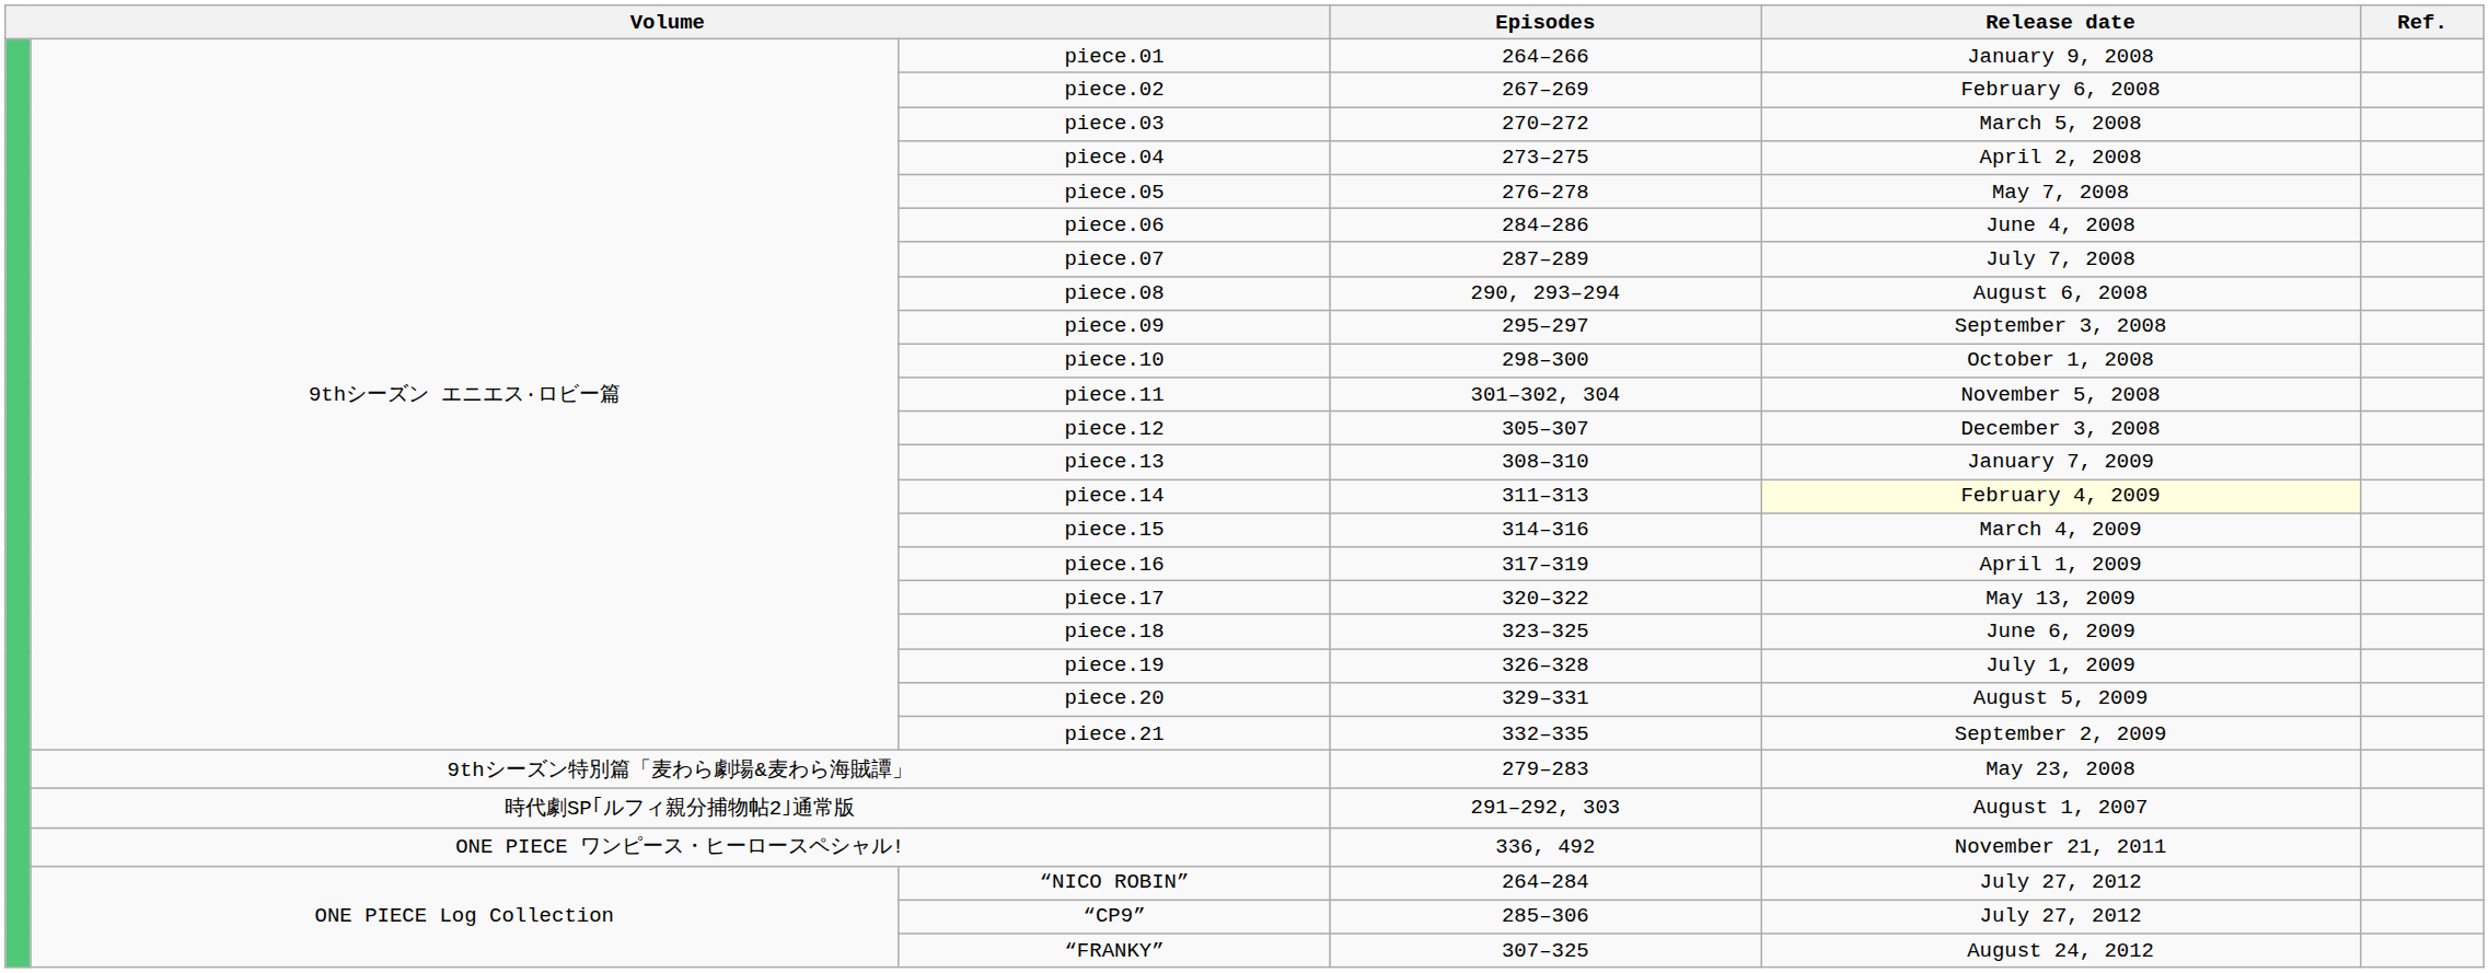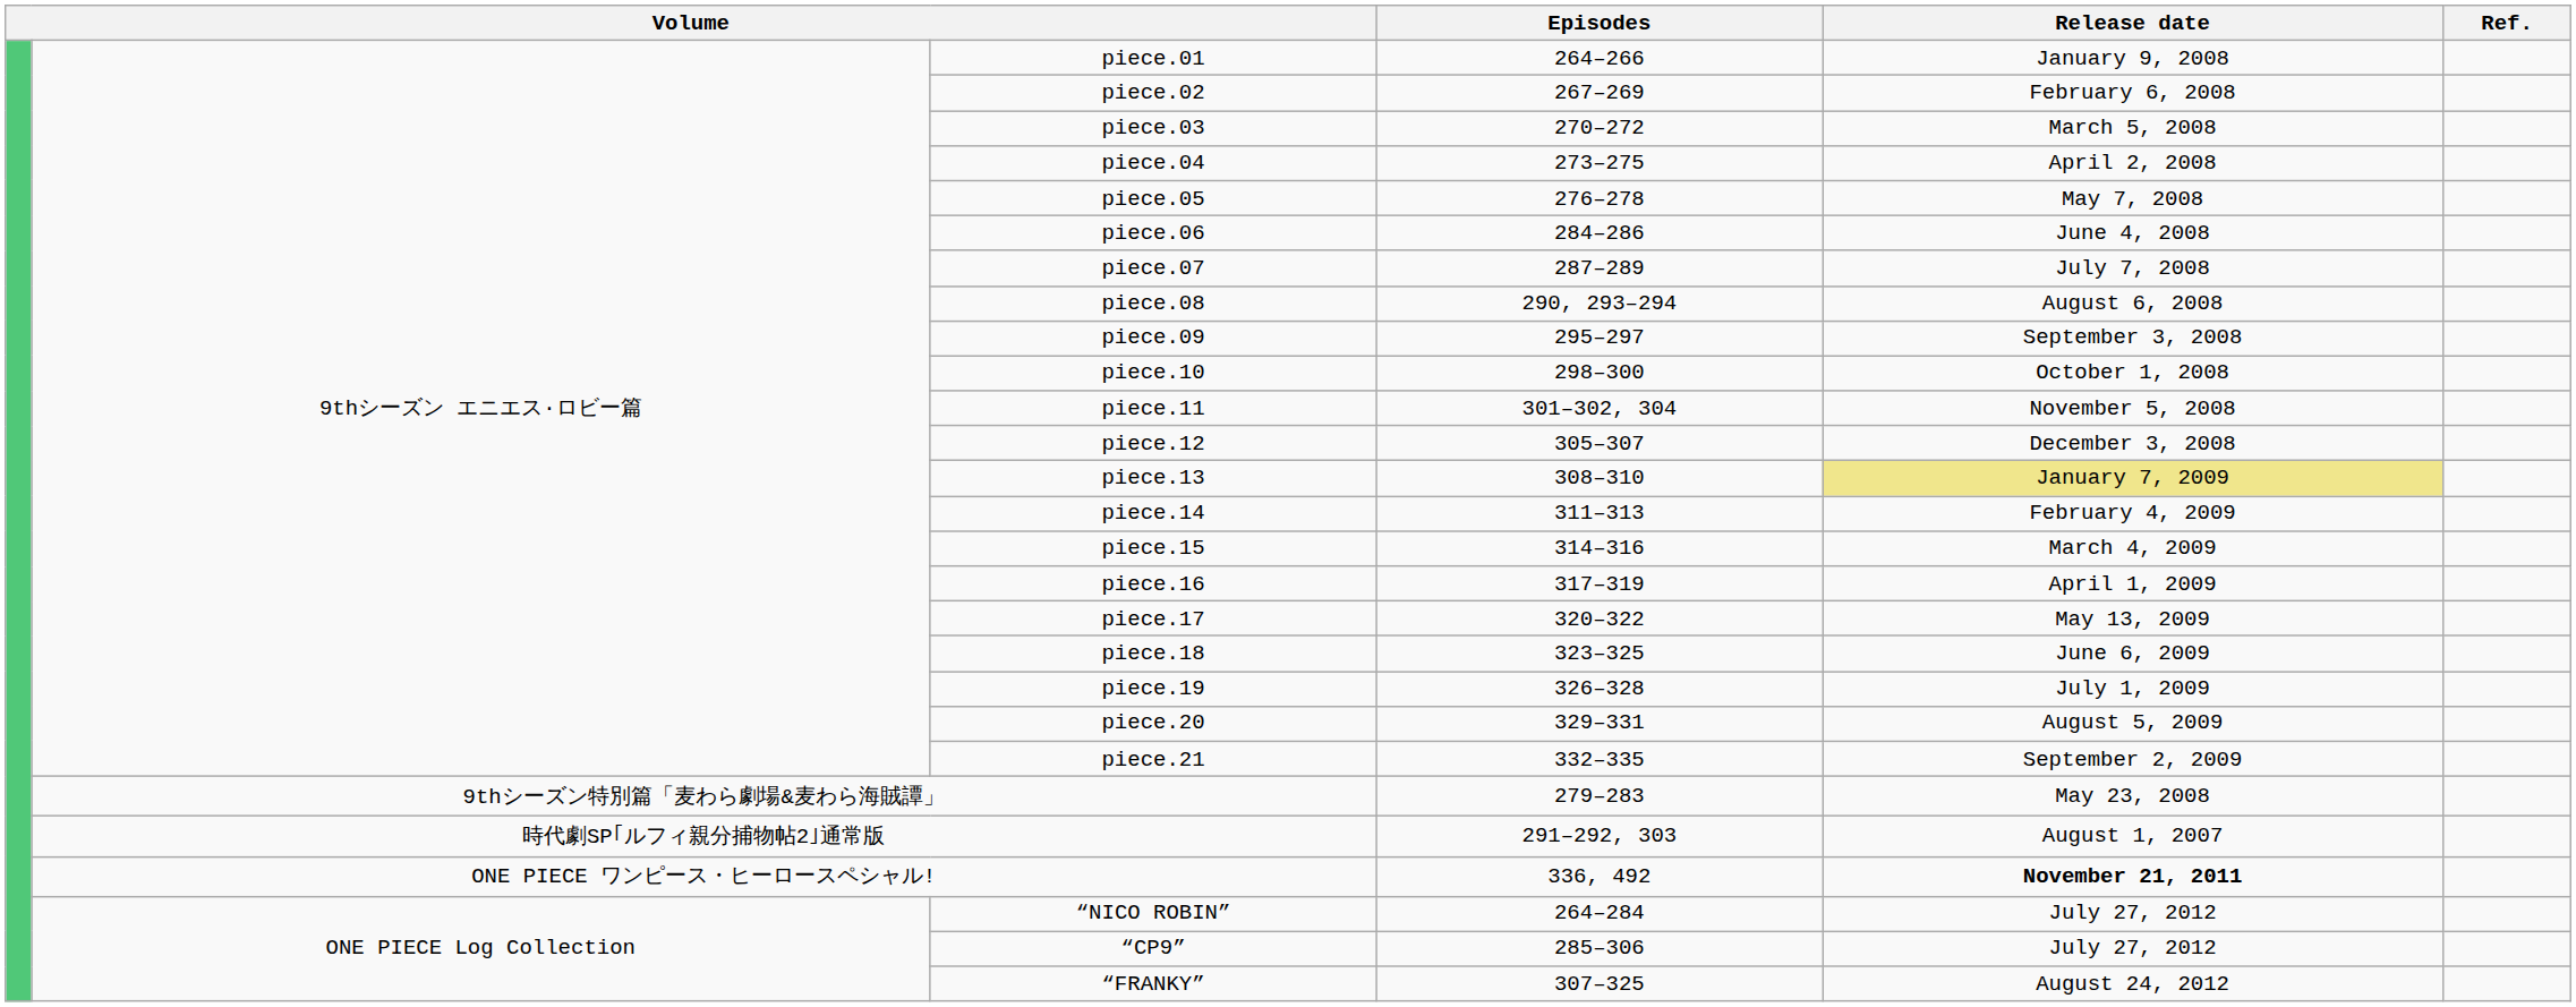 <table class="wikitable" style="text-align: center; width: 98%;">
 <tr>
 <th colspan="3">Volume</th>
 <th>Episodes</th>
 <th>Release date</th>
 <th style="width:5%;">Ref.</th>
 </tr>
 <tr>
 <td rowspan="184"  style="width:1%; background:#50C878;"></td>
 <td rowspan="21">9thシーズン エニエス·ロビー篇</td>
 <td>piece.01</td>
 <td>264–266</td>
 <td>January 9, 2008</td>
 <td></td>
 </tr>
 <tr>
 <td>piece.02</td>
 <td>267–269</td>
 <td>February 6, 2008</td>
 <td></td>
 </tr>
 <tr>
 <td>piece.03</td>
 <td>270–272</td>
 <td>March 5, 2008</td>
 <td></td>
 </tr>
 <tr>
 <td>piece.04</td>
 <td>273–275</td>
 <td>April 2, 2008</td>
 <td></td>
 </tr>
 <tr>
 <td>piece.05</td>
 <td>276–278</td>
 <td>May 7, 2008</td>
 <td></td>
 </tr>
 <tr>
 <td>piece.06</td>
 <td>284–286</td>
 <td>June 4, 2008</td>
 <td></td>
 </tr>
 <tr>
 <td>piece.07</td>
 <td>287–289</td>
 <td>July 7, 2008</td>
 <td></td>
 </tr>
 <tr>
 <td>piece.08</td>
 <td>290, 293–294</td>
 <td>August 6, 2008</td>
 <td></td>
 </tr>
 <tr>
 <td>piece.09</td>
 <td>295–297</td>
 <td>September 3, 2008</td>
 <td></td>
 </tr>
 <tr>
 <td>piece.10</td>
 <td>298–300</td>
 <td>October 1, 2008</td>
 <td></td>
 </tr>
 <tr>
 <td>piece.11</td>
 <td>301–302, 304</td>
 <td>November 5, 2008</td>
 <td></td>
 </tr>
 <tr>
 <td>piece.12</td>
 <td>305–307</td>
 <td>December 3, 2008</td>
 <td></td>
 </tr>
 <tr>
 <td>piece.13</td>
 <td>308–310</td>
-<td>January 7, 2009</td>
+<td style="background: khaki;">January 7, 2009</td>
 <td></td>
 </tr>
 <tr>
 <td>piece.14</td>
 <td>311–313</td>
-<td style="background: lightyellow;">February 4, 2009</td>
+<td>February 4, 2009</td>
 <td></td>
 </tr>
 <tr>
 <td>piece.15</td>
 <td>314–316</td>
 <td>March 4, 2009</td>
 <td></td>
 </tr>
 <tr>
 <td>piece.16</td>
 <td>317–319</td>
 <td>April 1, 2009</td>
 <td></td>
 </tr>
 <tr>
 <td>piece.17</td>
 <td>320–322</td>
 <td>May 13, 2009</td>
 <td></td>
 </tr>
 <tr>
 <td>piece.18</td>
 <td>323–325</td>
 <td>June 6, 2009</td>
 <td></td>
 </tr>
 <tr>
 <td>piece.19</td>
 <td>326–328</td>
 <td>July 1, 2009</td>
 <td></td>
 </tr>
 <tr>
 <td>piece.20</td>
 <td>329–331</td>
 <td>August 5, 2009</td>
 <td></td>
 </tr>
 <tr>
 <td>piece.21</td>
 <td>332–335</td>
 <td>September 2, 2009</td>
 <td></td>
 </tr>
 <tr>
 <td colspan="2">9thシーズン特別篇「麦わら劇場&麦わら海賊譚」</td>
 <td>279–283</td>
 <td>May 23, 2008</td>
 <td></td>
 </tr>
 <tr>
 <td colspan="2">時代劇SP｢ルフィ親分捕物帖2｣通常版</td>
 <td>291–292, 303</td>
 <td>August 1, 2007</td>
 <td></td>
 </tr>
 <tr>
 <td colspan="2">ONE PIECE ワンピース・ヒーロースペシャル!</td>
 <td>336, 492</td>
-<td>November 21, 2011</td>
+<td><strong>November 21, 2011</strong></td>
 <td></td>
 </tr>
 <tr>
 <td rowspan="22">ONE PIECE Log Collection</td>
 <td>“NICO ROBIN”</td>
 <td>264–284</td>
 <td>July 27, 2012</td>
 <td></td>
 </tr>
 <tr>
 <td>“CP9”</td>
 <td>285–306</td>
 <td>July 27, 2012</td>
 <td></td>
 </tr>
 <tr>
 <td>“FRANKY”</td>
 <td>307–325</td>
 <td>August 24, 2012</td>
 <td></td>
 </tr>
 </table>
